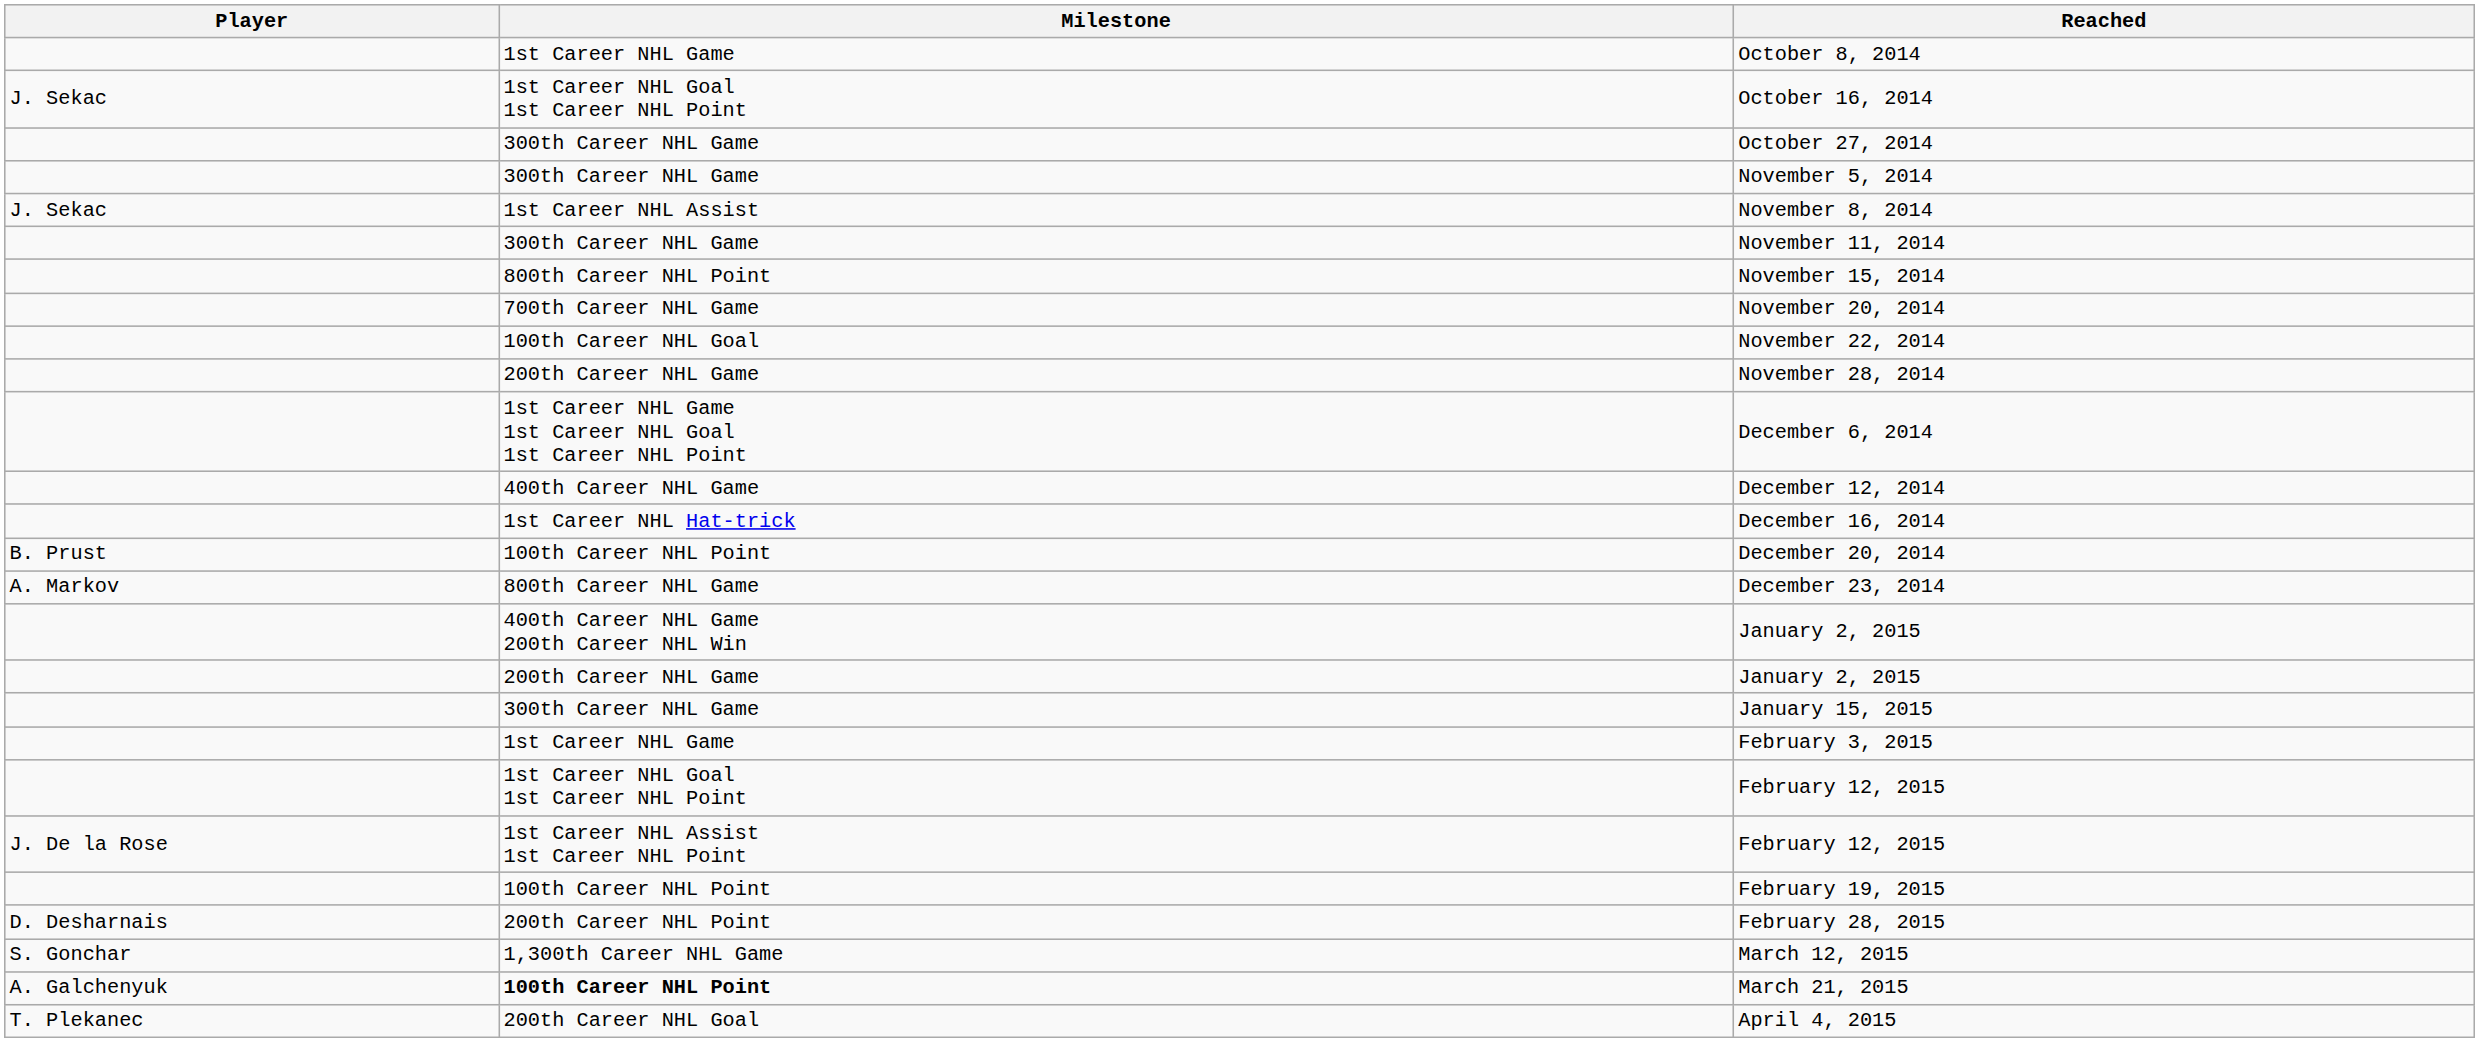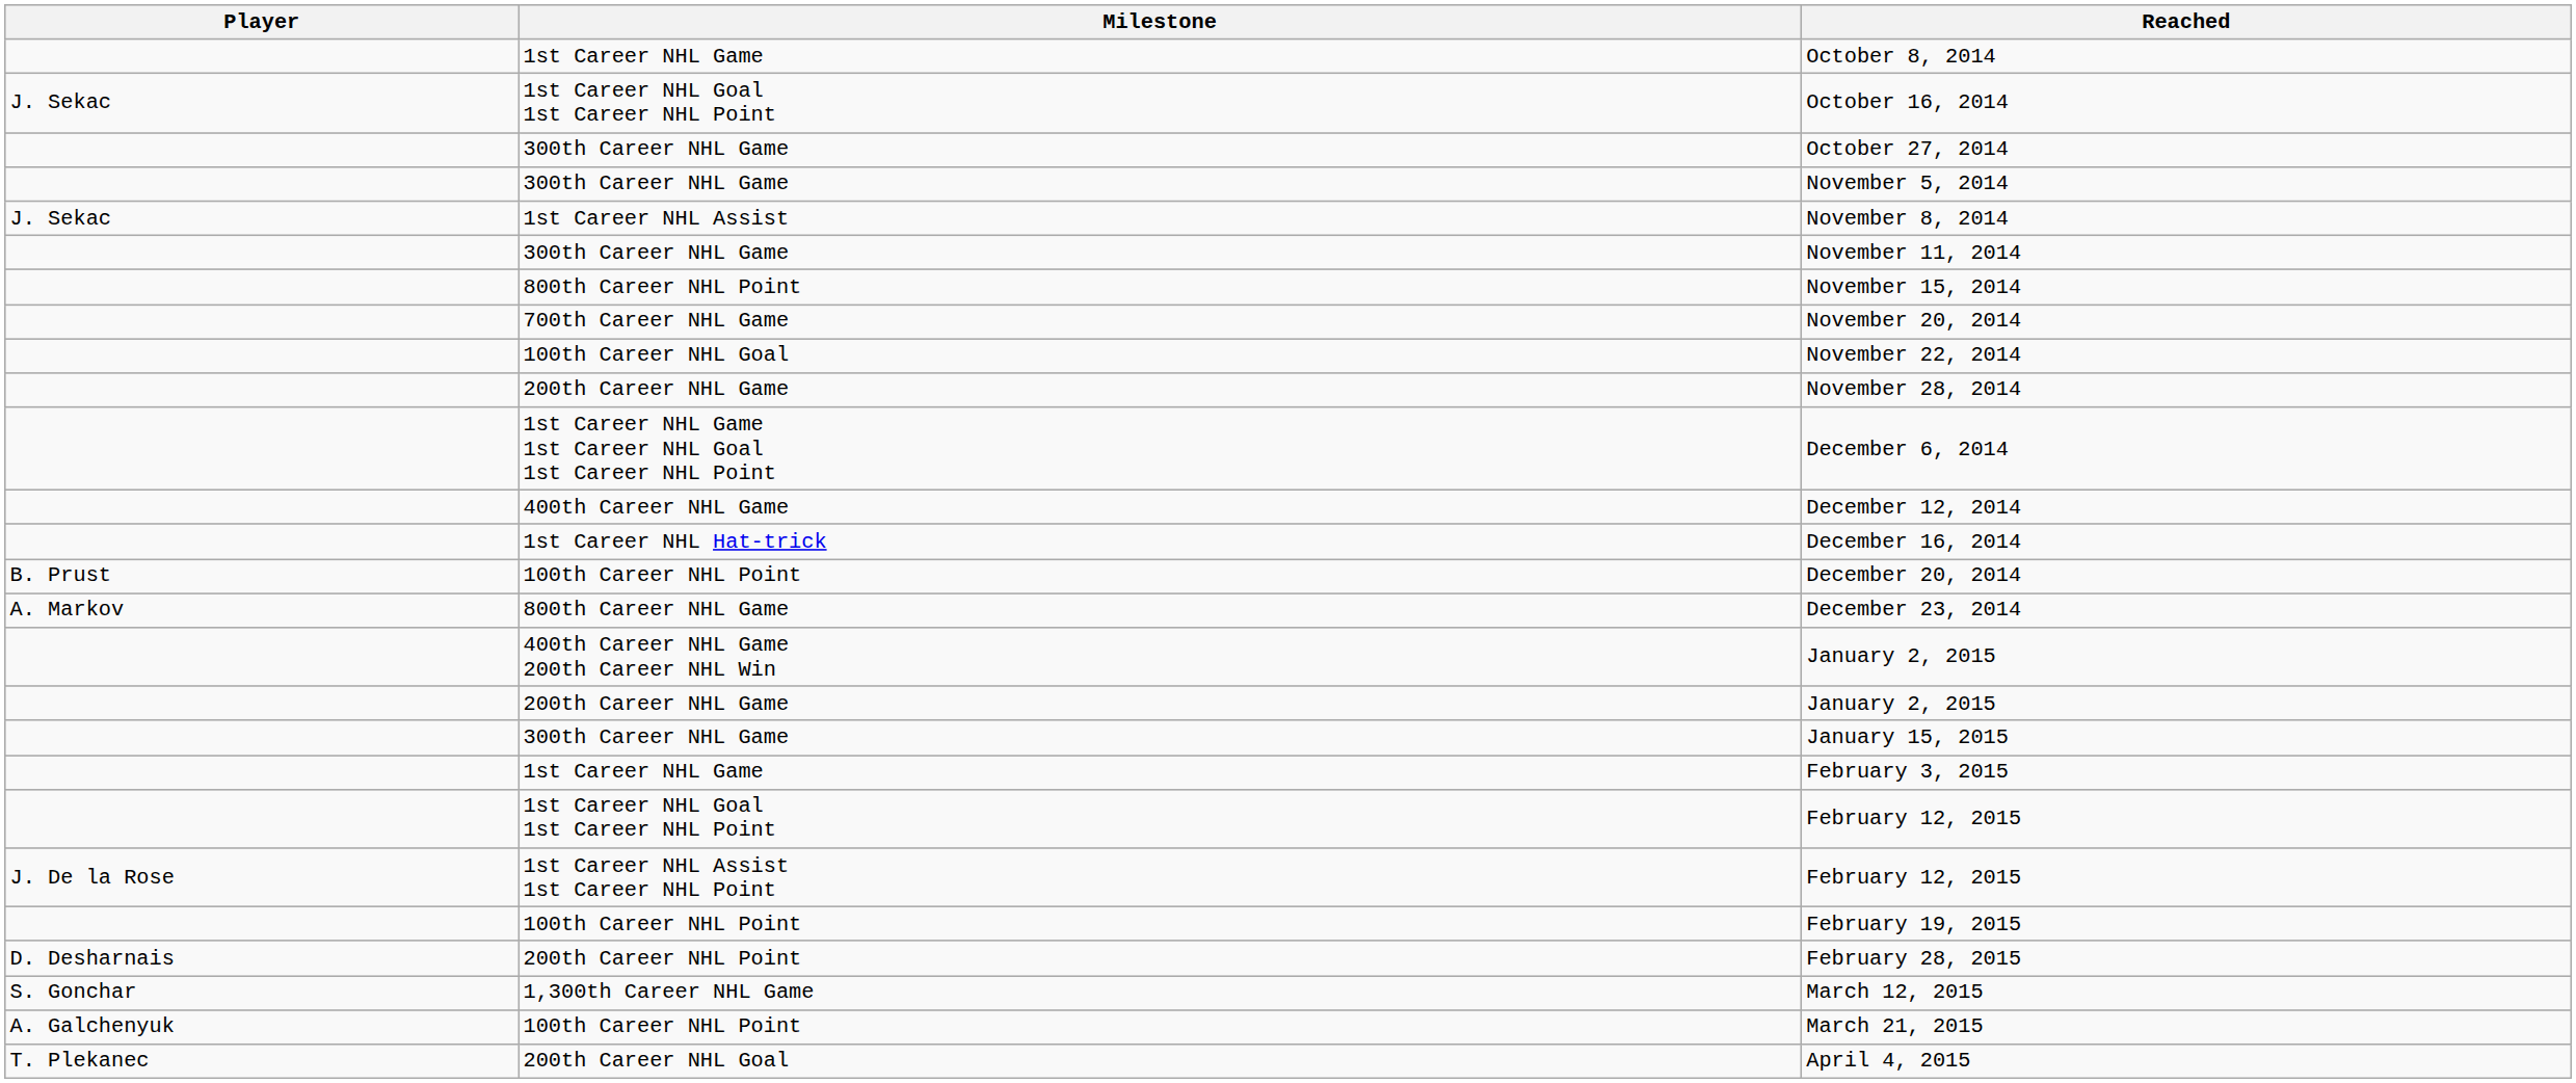 <table class="wikitable sortable" style="width:100%;">
 <tr align=center>
 <th style="width:20%;">Player</th>
 <th style="width:50%;">Milestone</th>
 <th style="width:30%;" data-sort-type="date">Reached</th>
 </tr>
 <tr>
 <td></td>
 <td>1st Career NHL Game</td>
 <td>October 8, 2014</td>
 </tr>
 <tr>
 <td>J. Sekac</td>
 <td>1st Career NHL Goal<br>1st Career NHL Point</td>
 <td>October 16, 2014</td>
 </tr>
 <tr>
 <td></td>
 <td>300th Career NHL Game</td>
 <td>October 27, 2014</td>
 </tr>
 <tr>
 <td></td>
 <td>300th Career NHL Game</td>
 <td>November 5, 2014</td>
 </tr>
 <tr>
 <td>J. Sekac</td>
 <td>1st Career NHL Assist</td>
 <td>November 8, 2014</td>
 </tr>
 <tr>
 <td></td>
 <td>300th Career NHL Game</td>
 <td>November 11, 2014</td>
 </tr>
 <tr>
 <td></td>
 <td>800th Career NHL Point</td>
 <td>November 15, 2014</td>
 </tr>
 <tr>
 <td></td>
 <td>700th Career NHL Game</td>
 <td>November 20, 2014</td>
 </tr>
 <tr>
 <td></td>
 <td>100th Career NHL Goal</td>
 <td>November 22, 2014</td>
 </tr>
 <tr>
 <td></td>
 <td>200th Career NHL Game</td>
 <td>November 28, 2014</td>
 </tr>
 <tr>
 <td></td>
 <td>1st Career NHL Game<br>1st Career NHL Goal<br>1st Career NHL Point</td>
 <td>December 6, 2014</td>
 </tr>
 <tr>
 <td></td>
 <td>400th Career NHL Game</td>
 <td>December 12, 2014</td>
 </tr>
 <tr>
 <td></td>
 <td>1st Career NHL <a href='#'>Hat-trick</a></td>
 <td>December 16, 2014</td>
 </tr>
 <tr>
 <td>B. Prust</td>
 <td>100th Career NHL Point</td>
 <td>December 20, 2014</td>
 </tr>
 <tr>
 <td>A. Markov</td>
 <td>800th Career NHL Game</td>
 <td>December 23, 2014</td>
 </tr>
 <tr>
 <td></td>
 <td>400th Career NHL Game<br>200th Career NHL Win</td>
 <td>January 2, 2015</td>
 </tr>
 <tr>
 <td></td>
 <td>200th Career NHL Game</td>
 <td>January 2, 2015</td>
 </tr>
 <tr>
 <td></td>
 <td>300th Career NHL Game</td>
 <td>January 15, 2015</td>
 </tr>
 <tr>
 <td></td>
 <td>1st Career NHL Game</td>
 <td>February 3, 2015</td>
 </tr>
 <tr>
 <td></td>
 <td>1st Career NHL Goal<br>1st Career NHL Point</td>
 <td>February 12, 2015</td>
 </tr>
 <tr>
 <td>J. De la Rose</td>
 <td>1st Career NHL Assist<br>1st Career NHL Point</td>
 <td>February 12, 2015</td>
 </tr>
 <tr>
 <td></td>
 <td>100th Career NHL Point</td>
 <td>February 19, 2015</td>
 </tr>
 <tr>
 <td>D. Desharnais</td>
 <td>200th Career NHL Point</td>
 <td>February 28, 2015</td>
 </tr>
 <tr>
 <td>S. Gonchar</td>
 <td>1,300th Career NHL Game</td>
 <td>March 12, 2015</td>
 </tr>
 <tr>
 <td>A. Galchenyuk</td>
-<td><strong>100th Career NHL Point</strong></td>
+<td>100th Career NHL Point</td>
 <td>March 21, 2015</td>
 </tr>
 <tr>
 <td>T. Plekanec</td>
 <td>200th Career NHL Goal</td>
 <td>April 4, 2015</td>
 </tr>
 <tr>
 </tr>
 </table>
